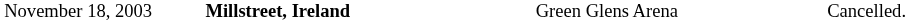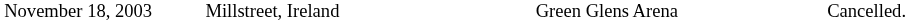 <table cellpadding="2" style="border: 0px solid darkgray; font-size:90%">
 <tr>
 <th width="150"></th>
 <th width="250"></th>
 <th width="220"></th>
 <th width="700"></th>
 </tr>
 <tr border="0">
 <td>November 18, 2003</td>
-<td><strong>Millstreet, Ireland</strong></td>
+<td>Millstreet, Ireland</td>
 <td>Green Glens Arena</td>
 <td>Cancelled.</td>
 </tr>
 <tr>
 </tr>
 </table>
